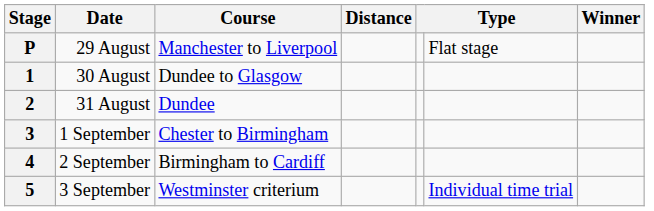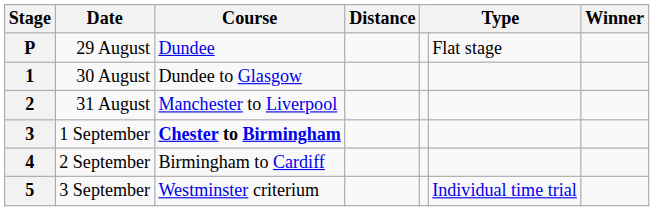 <table class="wikitable">
 <tr>
 <th scope="col">Stage</th>
 <th scope="col">Date</th>
 <th scope="col">Course</th>
 <th scope="col">Distance</th>
 <th scope="col" colspan="2">Type</th>
 <th scope="col">Winner</th>
 </tr>
 <tr>
 <th scope="row">P</th>
 <td style="text-align:right;">29 August</td>
-<td><a href='#'>Manchester</a> to <a href='#'>Liverpool</a></td>
+<td><a href='#'>Dundee</a></td>
 <td></td>
 <td></td>
 <td>Flat stage</td>
 <td></td>
 </tr>
 <tr>
 <th scope="row">1</th>
 <td style="text-align:right;">30 August</td>
 <td>Dundee to <a href='#'>Glasgow</a></td>
 <td></td>
 <td></td>
 <td></td>
 <td></td>
 </tr>
 <tr>
 <th scope="row">2</th>
 <td style="text-align:right;">31 August</td>
-<td><a href='#'>Dundee</a></td>
+<td><a href='#'>Manchester</a> to <a href='#'>Liverpool</a></td>
 <td></td>
 <td></td>
 <td></td>
 <td></td>
 </tr>
 <tr>
 <th scope="row">3</th>
 <td style="text-align:right;">1 September</td>
-<td><a href='#'>Chester</a> to <a href='#'>Birmingham</a></td>
+<td><strong><a href='#'>Chester</a> to <a href='#'>Birmingham</a></strong></td>
 <td></td>
 <td></td>
 <td></td>
 <td></td>
 </tr>
 <tr>
 <th scope="row">4</th>
 <td style="text-align:right;">2 September</td>
 <td>Birmingham to <a href='#'>Cardiff</a></td>
 <td></td>
 <td></td>
 <td></td>
 <td></td>
 </tr>
 <tr>
 <th scope="row">5</th>
 <td style="text-align:right;">3 September</td>
 <td><a href='#'>Westminster</a> criterium</td>
 <td></td>
 <td></td>
 <td><a href='#'>Individual time trial</a></td>
 <td></td>
 </tr>
 </table>
